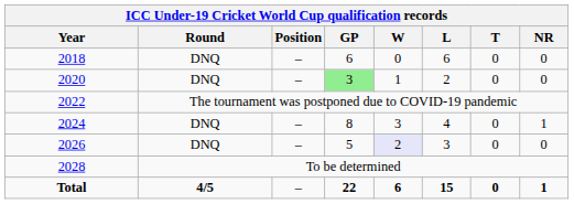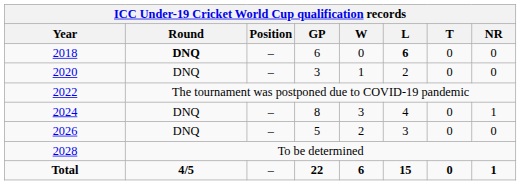 <table class="wikitable" style="text-align: center; width=900px;">
 <tr>
 <th colspan=9><a href='#'>ICC Under-19 Cricket World Cup qualification</a> records</th>
 </tr>
 <tr>
 <th width=150>Year</th>
 <th width=150>Round</th>
 <th width=50>Position</th>
 <th width=50>GP</th>
 <th width=50>W</th>
 <th width=50>L</th>
 <th width=50>T</th>
 <th width=50>NR</th>
 </tr>
 <tr>
 <td> <a href='#'>2018</a></td>
-<td>DNQ</td>
+<td><strong>DNQ</strong></td>
 <td>–</td>
 <td>6</td>
 <td>0</td>
-<td>6</td>
+<td><strong>6</strong></td>
 <td>0</td>
 <td>0</td>
 </tr>
 <tr>
 <td> <a href='#'>2020</a></td>
 <td>DNQ</td>
 <td>–</td>
-<td style="background: lightgreen;">3</td>
+<td>3</td>
 <td>1</td>
 <td>2</td>
 <td>0</td>
 <td>0</td>
 </tr>
 <tr>
 <td> <a href='#'>2022</a></td>
 <td colspan=8>The tournament was postponed due to COVID-19 pandemic</td>
 </tr>
 <tr>
 <td> <a href='#'>2024</a></td>
 <td>DNQ</td>
 <td>–</td>
 <td>8</td>
 <td>3</td>
 <td>4</td>
 <td>0</td>
 <td>1</td>
 </tr>
 <tr>
 <td> <a href='#'>2026</a></td>
 <td>DNQ</td>
 <td>–</td>
 <td>5</td>
-<td style="background: lavender;">2</td>
+<td>2</td>
 <td>3</td>
 <td>0</td>
 <td>0</td>
 </tr>
 <tr>
 <td> <a href='#'>2028</a></td>
 <td rowspan=1 colspan=8>To be determined</td>
 </tr>
 <tr>
 <td><strong>Total</strong></td>
 <td><strong>4/5</strong></td>
 <td>–</td>
 <td><strong>22</strong></td>
 <td><strong>6</strong></td>
 <td><strong>15</strong></td>
 <td><strong>0</strong></td>
 <td><strong>1</strong></td>
 </tr>
 </table>
